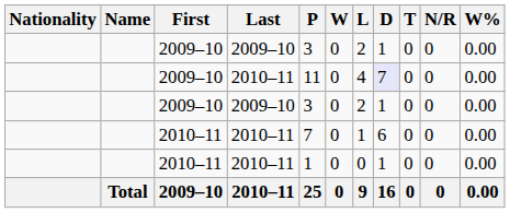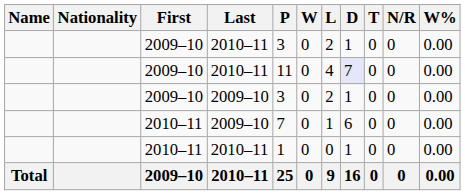 <table class="wikitable sortable">
 <tr>
+<th>Name</th>
 <th>Nationality</th>
-<th>Name</th>
 <th>First</th>
 <th>Last</th>
 <th>P</th>
 <th>W</th>
 <th>L</th>
 <th>D</th>
 <th>T</th>
 <th>N/R</th>
 <th>W%</th>
 </tr>
 <tr>
 <td></td>
 <td></td>
 <td>2009–10</td>
-<td>2009–10</td>
+<td>2010–11</td>
 <td>3</td>
 <td>0</td>
 <td>2</td>
 <td>1</td>
 <td>0</td>
 <td>0</td>
 <td>0.00</td>
 </tr>
 <tr>
 <td></td>
 <td></td>
 <td>2009–10</td>
 <td>2010–11</td>
 <td>11</td>
 <td>0</td>
 <td>4</td>
 <td style="background: lavender;">7</td>
 <td>0</td>
 <td>0</td>
 <td>0.00</td>
 </tr>
 <tr>
 <td></td>
 <td></td>
 <td>2009–10</td>
 <td>2009–10</td>
 <td>3</td>
 <td>0</td>
 <td>2</td>
 <td>1</td>
 <td>0</td>
 <td>0</td>
 <td>0.00</td>
 </tr>
 <tr>
 <td></td>
 <td></td>
 <td>2010–11</td>
-<td>2010–11</td>
+<td>2009–10</td>
 <td>7</td>
 <td>0</td>
 <td>1</td>
 <td>6</td>
 <td>0</td>
 <td>0</td>
 <td>0.00</td>
 </tr>
 <tr>
 <td></td>
 <td></td>
 <td>2010–11</td>
 <td>2010–11</td>
 <td>1</td>
 <td>0</td>
 <td>0</td>
 <td>1</td>
 <td>0</td>
 <td>0</td>
 <td>0.00</td>
 </tr>
 <tr>
+<th>Total</th>
 <th></th>
-<th>Total</th>
 <th>2009–10</th>
 <th>2010–11</th>
 <th>25</th>
 <th>0</th>
 <th>9</th>
 <th>16</th>
 <th>0</th>
 <th>0</th>
 <th>0.00</th>
 </tr>
 </table>
